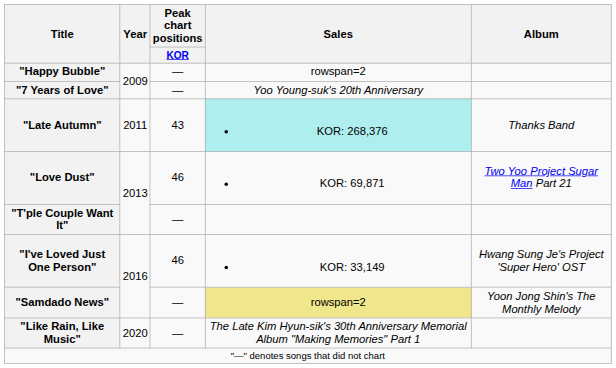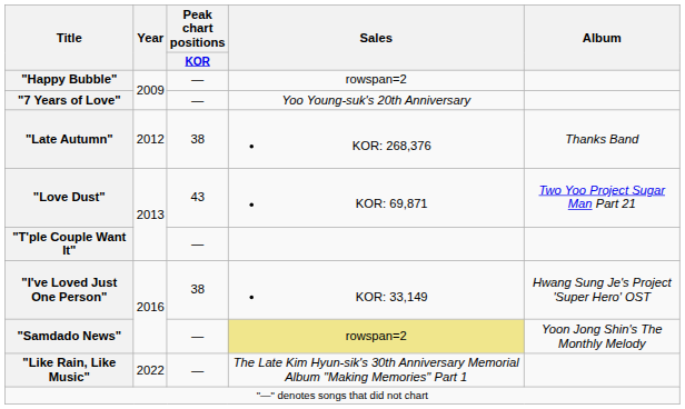 <table class="wikitable plainrowheaders" style="text-align:center;">
 <tr>
 <th scope=col rowspan=2>Title</th>
 <th scope=col rowspan=2>Year</th>
 <th scope=col colspan=1>Peak<br>chart<br>positions</th>
 <th scope=col rowspan=2>Sales</th>
 <th scope=col rowspan=2>Album</th>
 </tr>
 <tr>
 <th style="width:3em;font-size:90%;"><a href='#'>KOR</a></th>
 </tr>
 <tr>
 <th scope=row>"Happy Bubble"<br></th>
 <td rowspan=2>2009</td>
 <td>—</td>
 <td>rowspan=2 </td>
 <td></td>
 </tr>
 <tr>
 <th scope=row>"7 Years of Love" </th>
 <td>—</td>
 <td><em>Yoo Young-suk's 20th Anniversary</em></td>
 </tr>
 <tr>
 <th scope=row>"Late Autumn" </th>
-<td>2011</td>
-<td>43</td>
-<td style="background: paleturquoise;"><br><ul><li>KOR: 268,376</li></ul></td>
+<td>2012</td>
+<td>38</td>
+<td><br><ul><li>KOR: 268,376</li></ul></td>
 <td><em>Thanks Band</em></td>
 </tr>
 <tr>
 <th scope=row>"Love Dust"</th>
 <td rowspan=2>2013</td>
-<td>46</td>
+<td>43</td>
 <td><br><ul><li>KOR: 69,871</li></ul></td>
 <td><em><a href='#'>Two Yoo Project Sugar Man</a></em> <em>Part 21</em></td>
 </tr>
 <tr>
 <th scope=row>"T'ple Couple Want It" <br></th>
 <td>—</td>
 <td></td>
 <td></td>
 </tr>
 <tr>
 <th scope=row>"I've Loved Just One Person" </th>
 <td rowspan=2>2016</td>
-<td>46</td>
+<td>38</td>
 <td><br><ul><li>KOR: 33,149</li></ul></td>
 <td><em>Hwang Sung Je's Project 'Super Hero'  OST</em></td>
 </tr>
 <tr>
 <th scope=row>"Samdado News" </th>
 <td>—</td>
 <td style="background: khaki;">rowspan=2 </td>
 <td><em>Yoon Jong Shin's The Monthly Melody</em></td>
 </tr>
 <tr>
 <th scope="row">"Like Rain, Like Music" </th>
-<td>2020</td>
+<td>2022</td>
 <td>—</td>
 <td><em>The Late Kim Hyun-sik's 30th Anniversary Memorial Album "Making Memories" Part 1</em></td>
 </tr>
 <tr>
 <td colspan="5" style="font-size:85%;">"—" denotes songs that did not chart</td>
 </tr>
 </table>
